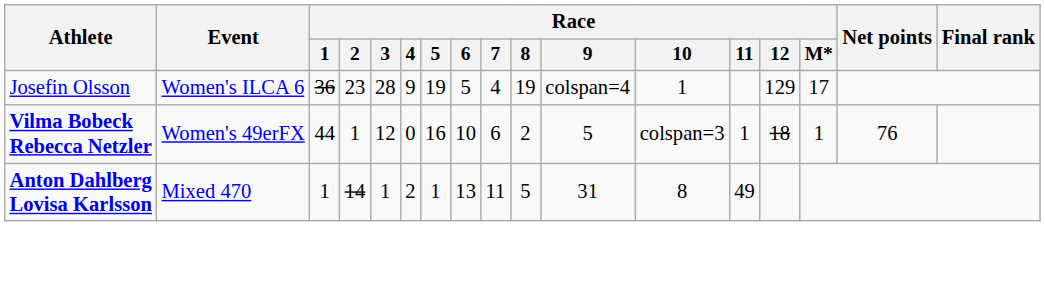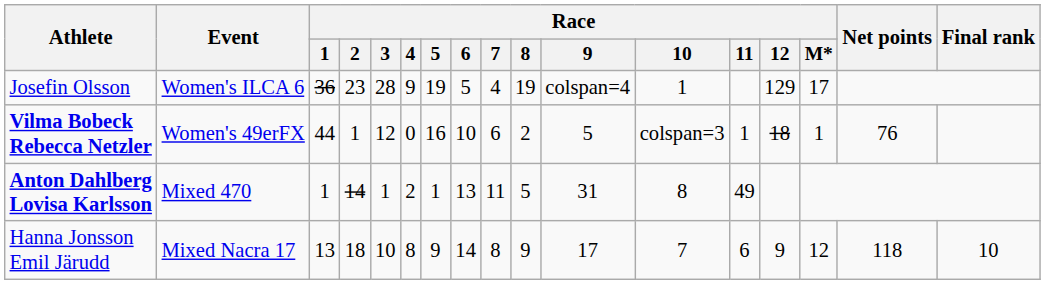 <table class="wikitable" style="font-size:90%">
 <tr>
 <th rowspan="2">Athlete</th>
 <th rowspan="2">Event</th>
 <th colspan=13>Race</th>
 <th rowspan=2>Net points</th>
 <th rowspan=2>Final rank</th>
 </tr>
 <tr style="font-size:95%">
 <th>1</th>
 <th>2</th>
 <th>3</th>
 <th>4</th>
 <th>5</th>
 <th>6</th>
 <th>7</th>
 <th>8</th>
 <th>9</th>
 <th>10</th>
 <th>11</th>
 <th>12</th>
 <th>M*</th>
 </tr>
 <tr align=center>
 <td align=left><a href='#'>Josefin Olsson</a></td>
 <td align=left><a href='#'>Women's ILCA 6</a></td>
 <td><s>36</s></td>
 <td>23</td>
 <td>28</td>
 <td>9</td>
 <td>19</td>
 <td>5</td>
 <td>4</td>
 <td>19</td>
 <td>colspan=4 </td>
 <td>1</td>
 <td></td>
 <td>129</td>
 <td>17</td>
 </tr>
 <tr align=center>
 <td align=left><strong><a href='#'>Vilma Bobeck</a><br><a href='#'>Rebecca Netzler</a></strong></td>
 <td align=left><a href='#'>Women's 49erFX</a></td>
 <td>44</td>
 <td>1</td>
 <td>12</td>
 <td>0</td>
 <td>16</td>
 <td>10</td>
 <td>6</td>
 <td>2</td>
 <td>5</td>
 <td>colspan=3 </td>
 <td>1</td>
 <td><s>18</s></td>
 <td>1</td>
 <td>76</td>
 <td></td>
 </tr>
 <tr align=center>
 <td align=left><strong><a href='#'>Anton Dahlberg</a><br><a href='#'>Lovisa Karlsson</a></strong></td>
 <td align=left><a href='#'>Mixed 470</a></td>
 <td>1</td>
 <td><s>14</s></td>
 <td>1</td>
 <td>2</td>
 <td>1</td>
 <td>13</td>
 <td>11</td>
 <td>5</td>
 <td>31</td>
 <td>8</td>
 <td>49</td>
 <td></td>
 </tr>
+<tr align=center>
+<td align=left><a href='#'>Hanna Jonsson</a><br><a href='#'>Emil Järudd</a></td>
+<td align=left><a href='#'>Mixed Nacra 17</a></td>
+<td>13</td>
+<td>18</td>
+<td>10</td>
+<td>8</td>
+<td>9</td>
+<td>14</td>
+<td>8</td>
+<td>9</td>
+<td>17</td>
+<td>7</td>
+<td>6</td>
+<td>9</td>
+<td>12</td>
+<td>118</td>
+<td>10</td>
+</tr>
 </table>
